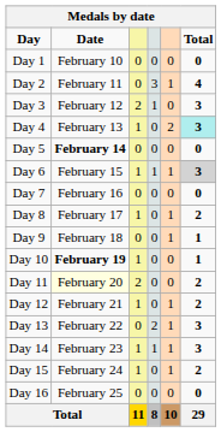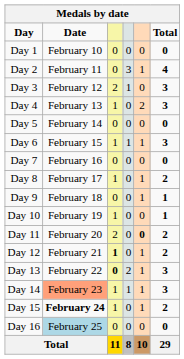 <table class=wikitable style="font-size:85%;float:right;clear:right;margin-left:1em;">
 <tr bgcolor=efefef>
 <th colspan=6>Medals by date</th>
 </tr>
 <tr align=center>
 <td><strong>Day</strong></td>
 <td><strong>Date</strong></td>
 <td bgcolor=#f7f6a8></td>
 <td bgcolor=#dce5e5></td>
 <td bgcolor=#ffdab9></td>
 <td><strong>Total</strong></td>
 </tr>
 <tr align=center>
 <td>Day 1</td>
 <td>February 10</td>
 <td bgcolor=F7F6A8>0</td>
 <td bgcolor=DCE5E5>0</td>
 <td bgcolor=FFDAB9>0</td>
 <td><strong>0</strong></td>
 </tr>
 <tr align=center>
 <td>Day 2</td>
 <td>February 11</td>
 <td bgcolor=F7F6A8>0</td>
 <td bgcolor=DCE5E5>3</td>
 <td bgcolor=FFDAB9>1</td>
 <td><strong>4</strong></td>
 </tr>
 <tr align=center>
 <td>Day 3</td>
 <td>February 12</td>
 <td bgcolor=F7F6A8>2</td>
 <td bgcolor=DCE5E5>1</td>
 <td bgcolor=FFDAB9>0</td>
 <td><strong>3</strong></td>
 </tr>
 <tr align=center>
 <td>Day 4</td>
 <td>February 13</td>
 <td bgcolor=F7F6A8>1</td>
 <td bgcolor=DCE5E5>0</td>
 <td bgcolor=FFDAB9>2</td>
-<td style="background: paleturquoise;"><strong>3</strong></td>
+<td><strong>3</strong></td>
 </tr>
 <tr align=center>
 <td>Day 5</td>
-<td><strong>February 14</strong></td>
+<td>February 14</td>
 <td bgcolor=F7F6A8>0</td>
 <td bgcolor=DCE5E5>0</td>
 <td bgcolor=FFDAB9>0</td>
 <td><strong>0</strong></td>
 </tr>
 <tr align=center>
 <td>Day 6</td>
 <td>February 15</td>
 <td bgcolor=F7F6A8>1</td>
 <td bgcolor=DCE5E5>1</td>
 <td bgcolor=FFDAB9>1</td>
-<td style="background: lightgrey;"><strong>3</strong></td>
+<td><strong>3</strong></td>
 </tr>
 <tr align=center>
 <td>Day 7</td>
 <td>February 16</td>
 <td bgcolor=F7F6A8>0</td>
 <td bgcolor=DCE5E5>0</td>
 <td bgcolor=FFDAB9>0</td>
 <td><strong>0</strong></td>
 </tr>
 <tr align=center>
 <td>Day 8</td>
 <td>February 17</td>
 <td bgcolor=F7F6A8>1</td>
 <td bgcolor=DCE5E5>0</td>
 <td bgcolor=FFDAB9>1</td>
 <td><strong>2</strong></td>
 </tr>
 <tr align=center>
 <td>Day 9</td>
 <td>February 18</td>
 <td bgcolor=F7F6A8>0</td>
 <td bgcolor=DCE5E5>0</td>
 <td bgcolor=FFDAB9>1</td>
 <td><strong>1</strong></td>
 </tr>
 <tr align=center>
 <td>Day 10</td>
-<td><strong>February 19</strong></td>
+<td>February 19</td>
 <td bgcolor=F7F6A8>1</td>
 <td bgcolor=DCE5E5>0</td>
 <td bgcolor=FFDAB9>0</td>
 <td><strong>1</strong></td>
 </tr>
 <tr align=center>
 <td>Day 11</td>
-<td style="background: lightyellow;">February 20</td>
+<td>February 20</td>
 <td bgcolor=F7F6A8>2</td>
 <td bgcolor=DCE5E5>0</td>
-<td bgcolor=FFDAB9>0</td>
+<td bgcolor=FFDAB9><strong>0</strong></td>
 <td><strong>2</strong></td>
 </tr>
 <tr align=center>
 <td>Day 12</td>
 <td>February 21</td>
-<td bgcolor=F7F6A8>1</td>
+<td bgcolor=F7F6A8><strong>1</strong></td>
 <td bgcolor=DCE5E5>0</td>
 <td bgcolor=FFDAB9>1</td>
 <td><strong>2</strong></td>
 </tr>
 <tr align=center>
 <td>Day 13</td>
 <td>February 22</td>
-<td bgcolor=F7F6A8>0</td>
+<td bgcolor=F7F6A8><strong>0</strong></td>
 <td bgcolor=DCE5E5>2</td>
 <td bgcolor=FFDAB9>1</td>
 <td><strong>3</strong></td>
 </tr>
 <tr align=center>
 <td>Day 14</td>
-<td>February 23</td>
+<td style="background: lightsalmon;">February 23</td>
 <td bgcolor=F7F6A8>1</td>
 <td bgcolor=DCE5E5>1</td>
 <td bgcolor=FFDAB9>1</td>
 <td><strong>3</strong></td>
 </tr>
 <tr align=center>
 <td>Day 15</td>
-<td>February 24</td>
+<td><strong>February 24</strong></td>
 <td bgcolor=F7F6A8>1</td>
 <td bgcolor=DCE5E5>0</td>
 <td bgcolor=FFDAB9>1</td>
 <td><strong>2</strong></td>
 </tr>
 <tr align=center>
 <td>Day 16</td>
-<td>February 25</td>
+<td style="background: lightblue;">February 25</td>
 <td bgcolor=F7F6A8>0</td>
 <td bgcolor=DCE5E5>0</td>
 <td bgcolor=FFDAB9>0</td>
 <td><strong>0</strong></td>
 </tr>
 <tr>
 <th colspan=2>Total</th>
 <th style="background:gold">11</th>
 <th style="background:silver">8</th>
 <th style="background:#c96">10</th>
 <th>29</th>
 </tr>
 </table>
